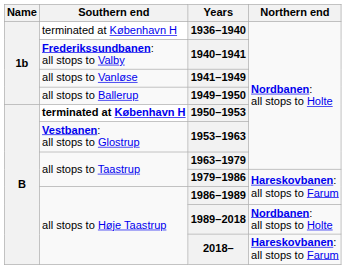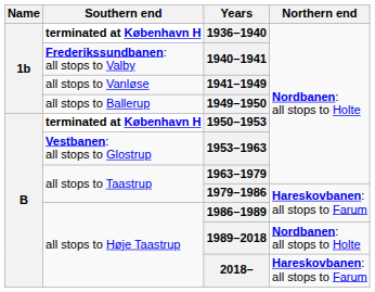 <table class=wikitable>
 <tr>
 <th>Name</th>
 <th>Southern end</th>
 <th>Years</th>
 <th>Northern end</th>
 </tr>
 <tr>
 <th rowspan=4>1b</th>
-<td style="background:white">terminated at <a href='#'>København H</a></td>
+<td style="background:white"><strong>terminated at <a href='#'>København H</a></strong></td>
 <th>1936–1940</th>
 <td rowspan=7><strong><a href='#'>Nordbanen</a></strong>:<br>all stops to <a href='#'>Holte</a></td>
 </tr>
 <tr>
 <td><strong><a href='#'>Frederikssundbanen</a></strong>:<br>all stops to <a href='#'>Valby</a></td>
 <th>1940–1941</th>
 </tr>
 <tr>
 <td>all stops to <a href='#'>Vanløse</a></td>
 <th>1941–1949</th>
 </tr>
 <tr>
 <td>all stops to <a href='#'>Ballerup</a></td>
 <th>1949–1950</th>
 </tr>
 <tr>
 <th rowspan=7>B</th>
 <td style="background:white"><strong>terminated at <a href='#'>København H</a></strong></td>
 <th>1950–1953</th>
 </tr>
 <tr>
 <td><strong><a href='#'>Vestbanen</a></strong>:<br> all stops to <a href='#'>Glostrup</a></td>
 <th>1953–1963</th>
 </tr>
 <tr>
 <td rowspan=2>all stops to <a href='#'>Taastrup</a></td>
 <th>1963–1979</th>
 </tr>
 <tr>
 <th>1979–1986</th>
 <td rowspan=2><strong><a href='#'>Hareskovbanen</a></strong>:<br> all stops to <a href='#'>Farum</a></td>
 </tr>
 <tr>
 <td rowspan=3>all stops to <a href='#'>Høje Taastrup</a></td>
 <th>1986–1989</th>
 </tr>
 <tr>
 <th>1989–2018</th>
 <td><strong><a href='#'>Nordbanen</a></strong>:<br> all stops to <a href='#'>Holte</a></td>
 </tr>
 <tr>
 <th>2018–</th>
 <td><strong><a href='#'>Hareskovbanen</a></strong>:<br> all stops to <a href='#'>Farum</a></td>
 </tr>
 </table>
